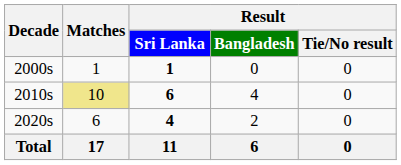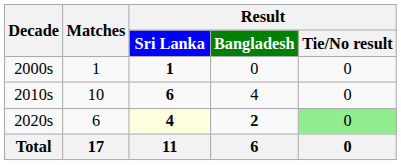 <table class="wikitable">
 <tr>
 <th rowspan=2>Decade</th>
 <th rowspan=2>Matches</th>
 <th colspan=3>Result</th>
 </tr>
 <tr>
 <th style="background: 	blue	;color:white; width:4.5em;">Sri Lanka</th>
 <th style="background: 	green	;color:white; width:4.5em;">Bangladesh</th>
 <th>Tie/No result</th>
 </tr>
 <tr>
 <td align="center">2000s</td>
 <td align="center">1</td>
 <td align="center"><strong>1</strong></td>
 <td align="center">0</td>
 <td align="center">0</td>
 </tr>
 <tr>
 <td align="center">2010s</td>
-<td align="center" style="background: khaki;">10</td>
+<td align="center">10</td>
 <td align="center"><strong>6</strong></td>
 <td align="center">4</td>
 <td align="center">0</td>
 </tr>
 <tr>
 <td align="center">2020s</td>
 <td align="center">6</td>
-<td align="center"><strong>4</strong></td>
-<td align="center">2</td>
-<td align="center">0</td>
+<td align="center" style="background: lightyellow;"><strong>4</strong></td>
+<td align="center"><strong>2</strong></td>
+<td align="center" style="background: lightgreen;">0</td>
 </tr>
 <tr>
 <th>Total</th>
 <th>17</th>
 <th>11</th>
 <th>6</th>
 <th>0</th>
 </tr>
 </table>
